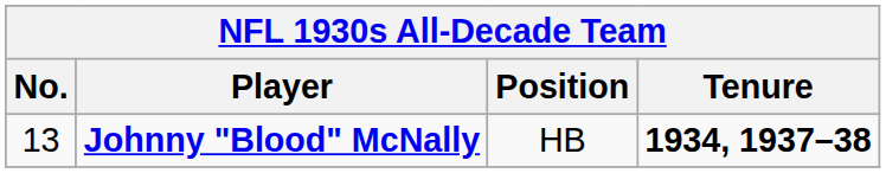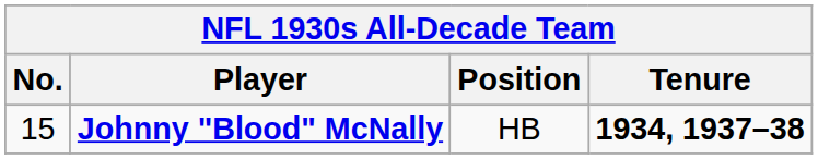 <table class="wikitable" style="text-align:center">
 <tr>
 <th colspan="4"><a href='#'><span>NFL 1930s All-Decade Team</span></a></th>
 </tr>
 <tr>
 <th>No.</th>
 <th>Player</th>
 <th>Position</th>
 <th>Tenure</th>
 </tr>
 <tr>
-<td>13</td>
+<td>15</td>
 <td><strong><a href='#'>Johnny "Blood" McNally</a></strong></td>
 <td>HB</td>
 <td><strong>1934, 1937–38</strong></td>
 </tr>
 </table>
